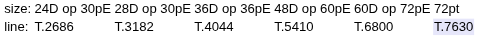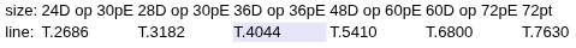 <table style="margin-left:40px;">
 <tr>
 <td>size:</td>
 <td>24D op 30pE</td>
 <td>28D op 30pE</td>
 <td>36D op 36pE</td>
 <td>48D op 60pE</td>
 <td>60D op 72pE</td>
 <td>72pt</td>
 </tr>
 <tr>
 <td>line:</td>
 <td>T.2686</td>
 <td>T.3182</td>
-<td>T.4044</td>
+<td style="background: lavender;">T.4044</td>
 <td>T.5410</td>
 <td>T.6800</td>
-<td style="background: lavender;">T.7630</td>
+<td>T.7630</td>
 </tr>
 </table>
